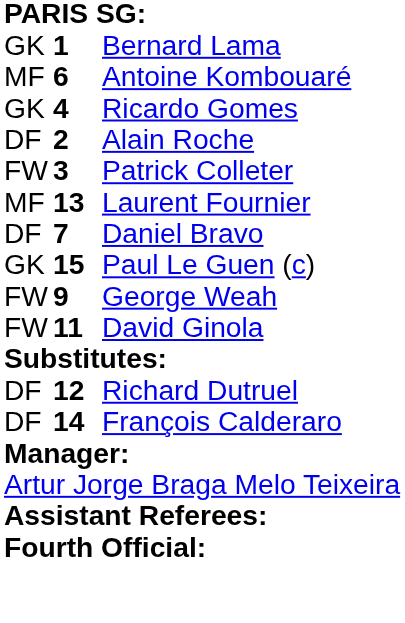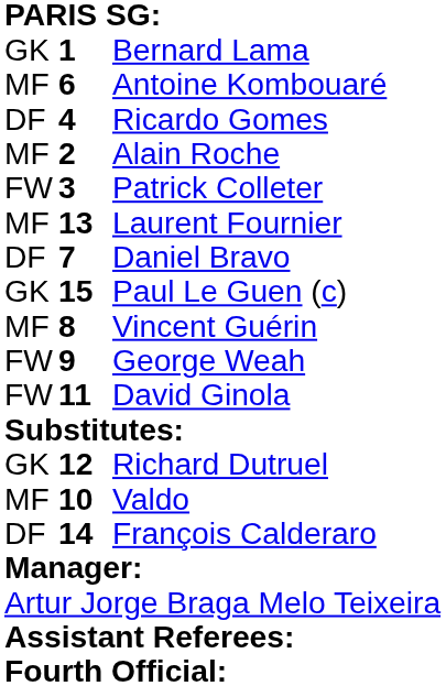 <table style=font-size:90% cellspacing=0 cellpadding=0>
 <tr>
 <td colspan=4><strong>PARIS SG:</strong></td>
 </tr>
 <tr>
 <th width=25></th>
 <th width=25></th>
 </tr>
 <tr>
 <td>GK</td>
 <td><strong>1</strong></td>
 <td> <a href='#'>Bernard Lama</a></td>
 </tr>
 <tr>
 <td>MF</td>
 <td><strong>6</strong></td>
 <td> <a href='#'>Antoine Kombouaré</a></td>
 </tr>
 <tr>
-<td>GK</td>
+<td>DF</td>
 <td><strong>4</strong></td>
 <td> <a href='#'>Ricardo Gomes</a></td>
 </tr>
 <tr>
-<td>DF</td>
+<td>MF</td>
 <td><strong>2</strong></td>
 <td> <a href='#'>Alain Roche</a></td>
 </tr>
 <tr>
 <td>FW</td>
 <td><strong>3</strong></td>
 <td> <a href='#'>Patrick Colleter</a></td>
 <td></td>
 </tr>
 <tr>
 <td>MF</td>
 <td><strong>13</strong></td>
 <td> <a href='#'>Laurent Fournier</a></td>
 </tr>
 <tr>
 <td>DF</td>
 <td><strong>7</strong></td>
 <td> <a href='#'>Daniel Bravo</a></td>
 <td></td>
 <td></td>
 </tr>
 <tr>
 <td>GK</td>
 <td><strong>15</strong></td>
 <td> <a href='#'>Paul Le Guen</a> (<a href='#'>c</a>)</td>
 </tr>
 <tr>
+<td>MF</td>
+<td><strong>8</strong></td>
+<td> <a href='#'>Vincent Guérin</a></td>
+<td></td>
+<td></td>
+</tr>
+<tr>
 <td>FW</td>
 <td><strong>9</strong></td>
 <td> <a href='#'>George Weah</a></td>
 </tr>
 <tr>
 <td>FW</td>
 <td><strong>11</strong></td>
 <td> <a href='#'>David Ginola</a></td>
 </tr>
 <tr>
 <td colspan=3><strong>Substitutes:</strong></td>
 </tr>
 <tr>
-<td>DF</td>
+<td>GK</td>
 <td><strong>12</strong></td>
 <td> <a href='#'>Richard Dutruel</a></td>
+</tr>
+<tr>
+<td>MF</td>
+<td><strong>10</strong></td>
+<td> <a href='#'>Valdo</a></td>
+<td></td>
+<td></td>
 </tr>
 <tr>
 <td>DF</td>
 <td><strong>14</strong></td>
 <td> <a href='#'>François Calderaro</a></td>
 <td></td>
 <td></td>
 </tr>
 <tr>
 <td colspan=3><strong>Manager:</strong></td>
 </tr>
 <tr>
 <td colspan=4> <a href='#'>Artur Jorge Braga Melo Teixeira</a><br><strong>Assistant Referees:</strong><br> <strong>Fourth Official:</strong><br></td>
 </tr>
 </table>
